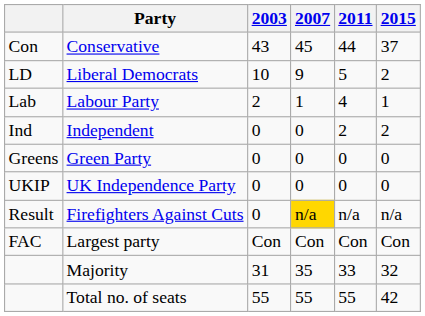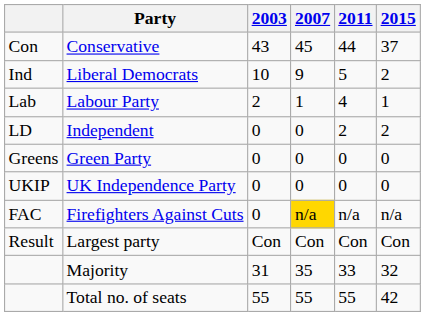 <table class="wikitable">
 <tr>
 <th></th>
 <th>Party</th>
 <th><a href='#'>2003</a></th>
 <th><a href='#'>2007</a></th>
 <th><a href='#'>2011</a></th>
 <th><a href='#'>2015</a></th>
 </tr>
 <tr>
 <td ! style="background-color:">Con</td>
 <td><a href='#'>Conservative</a></td>
 <td>43</td>
 <td>45</td>
 <td>44</td>
 <td>37</td>
 </tr>
 <tr>
-<td ! style="background-color:">LD</td>
+<td ! style="background-color:">Ind</td>
 <td><a href='#'>Liberal Democrats</a></td>
 <td>10</td>
 <td>9</td>
 <td>5</td>
 <td>2</td>
 </tr>
 <tr>
 <td ! style="background-color:">Lab</td>
 <td><a href='#'>Labour Party</a></td>
 <td>2</td>
 <td>1</td>
 <td>4</td>
 <td>1</td>
 </tr>
 <tr>
-<td ! style="background-color:">Ind</td>
+<td ! style="background-color:">LD</td>
 <td><a href='#'>Independent</a></td>
 <td>0</td>
 <td>0</td>
 <td>2</td>
 <td>2</td>
 </tr>
 <tr>
 <td ! style="background-color:">Greens</td>
 <td><a href='#'>Green Party</a></td>
 <td>0</td>
 <td>0</td>
 <td>0</td>
 <td>0</td>
 </tr>
 <tr>
 <td ! style="background-color:">UKIP</td>
 <td><a href='#'>UK Independence Party</a></td>
 <td>0</td>
 <td>0</td>
 <td>0</td>
 <td>0</td>
 </tr>
 <tr>
-<td>Result</td>
+<td ! style="background-color:">FAC</td>
 <td><a href='#'>Firefighters Against Cuts</a></td>
 <td>0</td>
 <td style="background: gold;">n/a</td>
 <td>n/a</td>
 <td>n/a</td>
 </tr>
 <tr>
-<td ! style="background-color:">FAC</td>
+<td>Result</td>
 <td>Largest party</td>
 <td ! style="background-color:">Con</td>
 <td ! style="background-color:">Con</td>
 <td ! style="background-color:">Con</td>
 <td ! style="background-color:">Con</td>
 </tr>
 <tr>
 <td></td>
 <td>Majority</td>
 <td>31</td>
 <td>35</td>
 <td>33</td>
 <td>32</td>
 </tr>
 <tr>
 <td></td>
 <td>Total no. of seats</td>
 <td>55</td>
 <td>55</td>
 <td>55</td>
 <td>42</td>
 </tr>
 </table>
